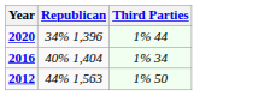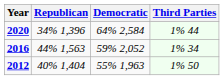 <table class="wikitable">
 <tr>
 <th>Year</th>
 <th><a href='#'>Republican</a></th>
+<th><a href='#'>Democratic</a></th>
 <th><a href='#'>Third Parties</a></th>
 </tr>
 <tr>
 <td style="text-align:center; "><strong><a href='#'>2020</a></strong></td>
 <td style="text-align:center; "><em>34%</em> <em>1,396</em></td>
+<td style="text-align:center; "><em>64%</em> <em>2,584</em></td>
 <td style="text-align:center; background:honeyDew;"><em>1%</em> <em>44</em></td>
 </tr>
 <tr>
 <td style="text-align:center; "><strong><a href='#'>2016</a></strong></td>
-<td style="text-align:center; "><em>40%</em> <em>1,404</em></td>
+<td style="text-align:center; "><em>44%</em> <em>1,563</em></td>
+<td style="text-align:center; "><em>59%</em> <em>2,052</em></td>
 <td style="text-align:center; background:honeyDew;"><em>1%</em> <em>34</em></td>
 </tr>
 <tr>
 <td style="text-align:center; "><strong><a href='#'>2012</a></strong></td>
-<td style="text-align:center; "><em>44%</em> <em>1,563</em></td>
+<td style="text-align:center; "><em>40%</em> <em>1,404</em></td>
+<td style="text-align:center; "><em>55%</em> <em>1,963</em></td>
 <td style="text-align:center; background:honeyDew;"><em>1%</em> <em>50</em></td>
 </tr>
 </table>
